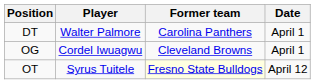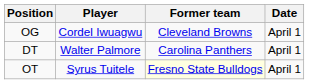 <table class="wikitable" style="text-align:center">
 <tr>
 <th>Position</th>
 <th>Player</th>
 <th>Former team</th>
 <th>Date</th>
 </tr>
 <tr>
+<td>OG</td>
+<td><a href='#'>Cordel Iwuagwu</a></td>
+<td><a href='#'>Cleveland Browns</a></td>
+<td>April 1</td>
+</tr>
+<tr>
 <td>DT</td>
 <td><a href='#'>Walter Palmore</a></td>
 <td><a href='#'>Carolina Panthers</a></td>
 <td>April 1</td>
 </tr>
 <tr>
-<td>OG</td>
-<td><a href='#'>Cordel Iwuagwu</a></td>
-<td><a href='#'>Cleveland Browns</a></td>
-<td>April 1</td>
-</tr>
-<tr>
 <td>OT</td>
 <td><a href='#'>Syrus Tuitele</a></td>
 <td style="background: lightyellow;"><a href='#'>Fresno State Bulldogs</a></td>
-<td>April 12</td>
+<td>April 1</td>
 </tr>
 </table>
